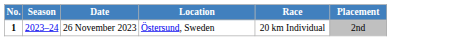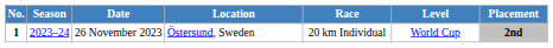 <table class="wikitable sortable" style="font-size:85%; text-align:center; border:grey solid 1px; border-collapse:collapse; background:#ffffff;">
 <tr style="background:#efefef;">
 <th style="background-color:#4180be; color:white;">No.</th>
 <th style="background-color:#4180be; color:white;">Season</th>
 <th style="background-color:#4180be; color:white; width:105px;">Date</th>
 <th style="background-color:#4180be; color:white; width:160px;">Location</th>
 <th style="background-color:#4180be; color:white; width:100px;">Race</th>
+<th style="background-color:#4180be; color:white; width:100px;">Level</th>
 <th style="background-color:#4180be; color:white; width:75px;">Placement</th>
 </tr>
 <tr>
 <td><strong>1</strong></td>
 <td><a href='#'>2023–24</a></td>
 <td align=right>26 November 2023</td>
 <td align=left> <a href='#'>Östersund</a>, Sweden</td>
 <td>20 km Individual</td>
-<td align=center bgcolor="silver">2nd</td>
+<td><a href='#'>World Cup</a></td>
+<td align=center bgcolor="silver"><strong>2nd</strong></td>
 </tr>
 </table>
